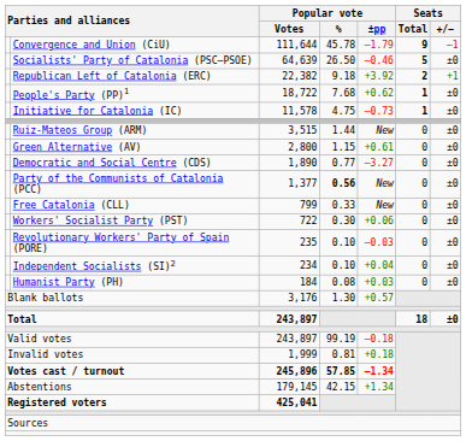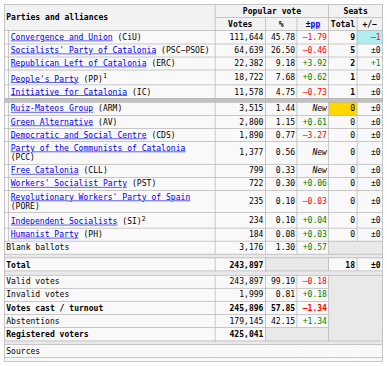 <table class="wikitable" style="text-align:right;">
 <tr>
 <th style="text-align:left;" rowspan="2" colspan="2" width="525">Parties and alliances</th>
 <th colspan="3">Popular vote</th>
 <th colspan="2">Seats</th>
 </tr>
 <tr>
 <th width="75">Votes</th>
 <th width="45">%</th>
 <th width="45">±<a href='#'>pp</a></th>
 <th width="35">Total</th>
 <th width="35">+/−</th>
 </tr>
 <tr>
 <td width="1" style="color:inherit;background:"></td>
 <td align="left"><a href='#'>Convergence and Union</a> (CiU)</td>
 <td>111,644</td>
 <td>45.78</td>
 <td style="color:red;">–1.79</td>
 <td><strong>9</strong></td>
-<td style="color:red;">–1</td>
+<td style="background: paleturquoise; color:red;">–1</td>
 </tr>
 <tr>
 <td style="color:inherit;background:"></td>
 <td align="left"><a href='#'>Socialists' Party of Catalonia</a> (PSC–PSOE)</td>
 <td>64,639</td>
 <td>26.50</td>
 <td style="color:red;">–0.46</td>
 <td><strong>5</strong></td>
 <td>±0</td>
 </tr>
 <tr>
 <td style="color:inherit;background:"></td>
 <td align="left"><a href='#'>Republican Left of Catalonia</a> (ERC)</td>
 <td>22,382</td>
 <td>9.18</td>
 <td style="color:green;">+3.92</td>
 <td><strong>2</strong></td>
 <td style="color:green;">+1</td>
 </tr>
 <tr>
 <td style="color:inherit;background:"></td>
 <td align="left"><a href='#'>People's Party</a> (PP)<sup>1</sup></td>
 <td>18,722</td>
 <td>7.68</td>
 <td style="color:green;">+0.62</td>
 <td><strong>1</strong></td>
 <td>±0</td>
 </tr>
 <tr>
 <td style="color:inherit;background:"></td>
 <td align="left"><a href='#'>Initiative for Catalonia</a> (IC)</td>
 <td>11,578</td>
 <td>4.75</td>
 <td style="color:red;">–0.73</td>
 <td><strong>1</strong></td>
 <td>±0</td>
 </tr>
 <tr>
 <td colspan="7" bgcolor="#C0C0C0"></td>
 </tr>
 <tr>
 <td style="color:inherit;background:"></td>
 <td align="left"><a href='#'>Ruiz-Mateos Group</a> (ARM)</td>
 <td>3,515</td>
 <td>1.44</td>
 <td><em>New</em></td>
-<td>0</td>
+<td style="background: gold;">0</td>
 <td>±0</td>
 </tr>
 <tr>
 <td style="color:inherit;background:"></td>
 <td align="left"><a href='#'>Green Alternative</a> (AV)</td>
 <td>2,800</td>
 <td>1.15</td>
 <td style="color:green;">+0.61</td>
 <td>0</td>
 <td>±0</td>
 </tr>
 <tr>
 <td style="color:inherit;background:"></td>
 <td align="left"><a href='#'>Democratic and Social Centre</a> (CDS)</td>
 <td>1,890</td>
 <td>0.77</td>
 <td style="color:red;">–3.27</td>
 <td>0</td>
 <td>±0</td>
 </tr>
 <tr>
 <td style="color:inherit;background:"></td>
 <td align="left"><a href='#'>Party of the Communists of Catalonia</a> (PCC)</td>
 <td>1,377</td>
-<td><strong>0.56</strong></td>
+<td>0.56</td>
 <td><em>New</em></td>
 <td>0</td>
 <td>±0</td>
 </tr>
 <tr>
 <td style="color:inherit;background:"></td>
 <td align="left"><a href='#'>Free Catalonia</a> (CLL)</td>
 <td>799</td>
 <td>0.33</td>
 <td><em>New</em></td>
 <td>0</td>
 <td>±0</td>
 </tr>
 <tr>
 <td style="color:inherit;background:"></td>
 <td align="left"><a href='#'>Workers' Socialist Party</a> (PST)</td>
 <td>722</td>
 <td>0.30</td>
 <td style="color:green;">+0.06</td>
 <td>0</td>
 <td>±0</td>
 </tr>
 <tr>
 <td style="color:inherit;background:"></td>
 <td align="left"><a href='#'>Revolutionary Workers' Party of Spain</a> (PORE)</td>
 <td>235</td>
 <td>0.10</td>
 <td style="color:red;">–0.03</td>
 <td>0</td>
 <td>±0</td>
 </tr>
 <tr>
 <td style="color:inherit;background:"></td>
 <td align="left"><a href='#'>Independent Socialists</a> (SI)<sup>2</sup></td>
 <td>234</td>
 <td>0.10</td>
 <td style="color:green;">+0.04</td>
 <td>0</td>
 <td>±0</td>
 </tr>
 <tr>
 <td style="color:inherit;background:"></td>
 <td align="left"><a href='#'>Humanist Party</a> (PH)</td>
 <td>184</td>
 <td>0.08</td>
 <td style="color:green;">+0.03</td>
 <td>0</td>
 <td>±0</td>
 </tr>
 <tr>
 <td align="left" colspan="2">Blank ballots</td>
 <td>3,176</td>
 <td>1.30</td>
 <td style="color:green;">+0.57</td>
 <td bgcolor="#E9E9E9" colspan="2"></td>
 </tr>
 <tr>
 <td colspan="7" bgcolor="#E9E9E9"></td>
 </tr>
 <tr style="font-weight:bold;">
 <td align="left" colspan="2">Total</td>
 <td>243,897</td>
 <td bgcolor="#E9E9E9" colspan="2"></td>
 <td>18</td>
 <td>±0</td>
 </tr>
 <tr>
 <td colspan="7" bgcolor="#E9E9E9"></td>
 </tr>
 <tr>
 <td align="left" colspan="2">Valid votes</td>
 <td>243,897</td>
 <td>99.19</td>
 <td style="color:red;">–0.18</td>
 <td bgcolor="#E9E9E9" colspan="2" rowspan="5"></td>
 </tr>
 <tr>
 <td align="left" colspan="2">Invalid votes</td>
 <td>1,999</td>
 <td>0.81</td>
 <td style="color:green;">+0.18</td>
 </tr>
 <tr style="font-weight:bold;">
 <td align="left" colspan="2">Votes cast / turnout</td>
 <td>245,896</td>
 <td>57.85</td>
 <td style="color:red;">–1.34</td>
 </tr>
 <tr>
 <td align="left" colspan="2">Abstentions</td>
 <td>179,145</td>
 <td>42.15</td>
 <td style="color:green;">+1.34</td>
 </tr>
 <tr style="font-weight:bold;">
 <td align="left" colspan="2">Registered voters</td>
 <td>425,041</td>
 <td bgcolor="#E9E9E9" colspan="2"></td>
 </tr>
 <tr>
 <td colspan="7" bgcolor="#E9E9E9"></td>
 </tr>
 <tr>
 <td align="left" colspan="7">Sources</td>
 </tr>
 <tr>
 <td colspan="7" style="text-align:left; max-width:790px;"></td>
 </tr>
 </table>
